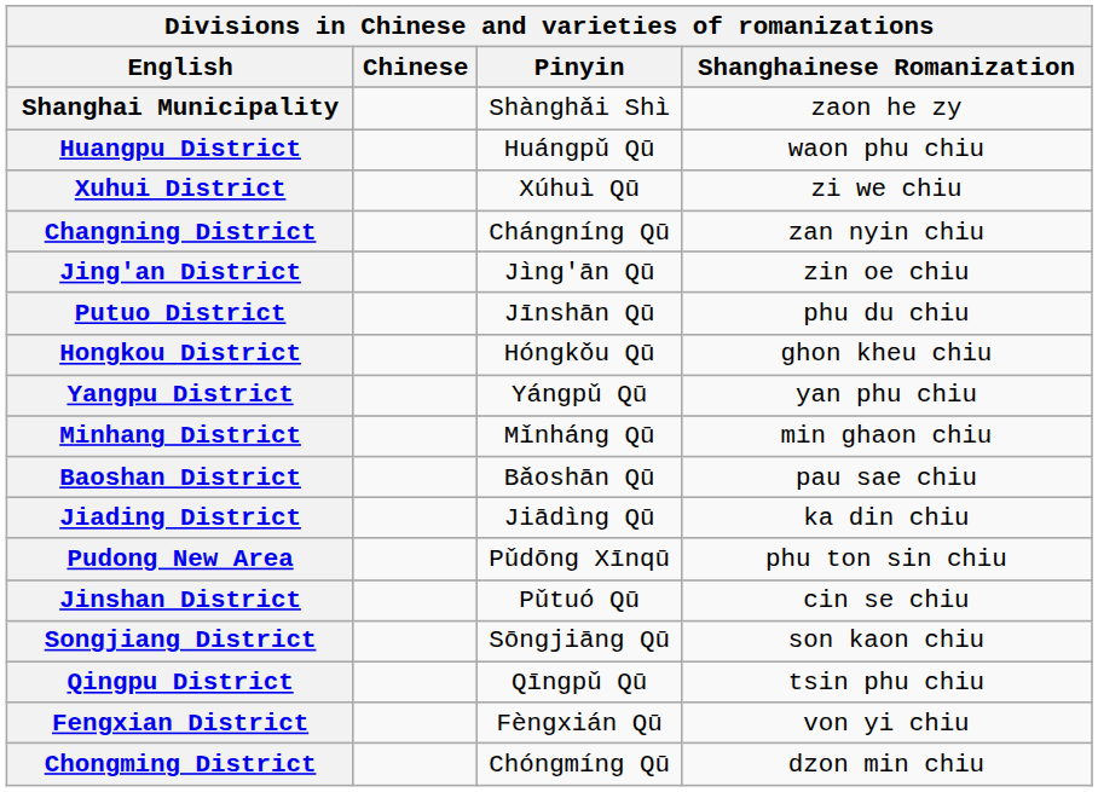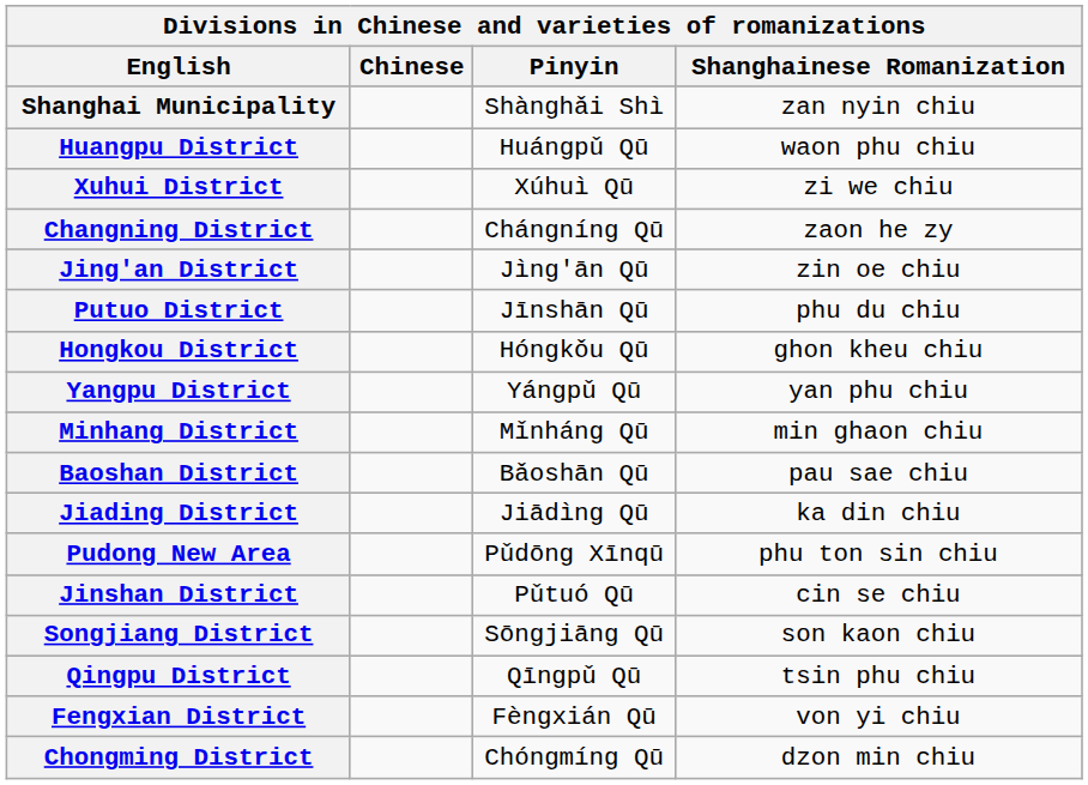 <table class="wikitable collapsible collapsed" style="margin:1em auto 1em auto; width:90%; text-align:center">
 <tr>
 <th colspan="5">Divisions in Chinese and varieties of romanizations</th>
 </tr>
 <tr>
 <th>English</th>
 <th>Chinese</th>
 <th>Pinyin</th>
 <th>Shanghainese Romanization</th>
 </tr>
 <tr>
 <th>Shanghai Municipality</th>
 <td></td>
 <td>Shànghǎi Shì</td>
-<td>zaon he zy</td>
+<td>zan nyin chiu</td>
 </tr>
 <tr>
 <th><a href='#'>Huangpu District</a></th>
 <td></td>
 <td>Huángpǔ Qū</td>
 <td>waon phu chiu</td>
 </tr>
 <tr>
 <th><a href='#'>Xuhui District</a></th>
 <td></td>
 <td>Xúhuì Qū</td>
 <td>zi we chiu</td>
 </tr>
 <tr>
 <th><a href='#'>Changning District</a></th>
 <td></td>
 <td>Chángníng Qū</td>
-<td>zan nyin chiu</td>
+<td>zaon he zy</td>
 </tr>
 <tr>
 <th><a href='#'>Jing'an District</a></th>
 <td></td>
 <td>Jìng'ān Qū</td>
 <td>zin oe chiu</td>
 </tr>
 <tr>
 <th><a href='#'>Putuo District</a></th>
 <td></td>
 <td>Jīnshān Qū</td>
 <td>phu du chiu</td>
 </tr>
 <tr>
 <th><a href='#'>Hongkou District</a></th>
 <td></td>
 <td>Hóngkǒu Qū</td>
 <td>ghon kheu chiu</td>
 </tr>
 <tr>
 <th><a href='#'>Yangpu District</a></th>
 <td></td>
 <td>Yángpǔ Qū</td>
 <td>yan phu chiu</td>
 </tr>
 <tr>
 <th><a href='#'>Minhang District</a></th>
 <td></td>
 <td>Mǐnháng Qū</td>
 <td>min ghaon chiu</td>
 </tr>
 <tr>
 <th><a href='#'>Baoshan District</a></th>
 <td></td>
 <td>Bǎoshān Qū</td>
 <td>pau sae chiu</td>
 </tr>
 <tr>
 <th><a href='#'>Jiading District</a></th>
 <td></td>
 <td>Jiādìng Qū</td>
 <td>ka din chiu</td>
 </tr>
 <tr>
 <th><a href='#'>Pudong New Area</a></th>
 <td></td>
 <td>Pǔdōng Xīnqū</td>
 <td>phu ton sin chiu</td>
 </tr>
 <tr>
 <th><a href='#'>Jinshan District</a></th>
 <td></td>
 <td>Pǔtuó Qū</td>
 <td>cin se chiu</td>
 </tr>
 <tr>
 <th><a href='#'>Songjiang District</a></th>
 <td></td>
 <td>Sōngjiāng Qū</td>
 <td>son kaon chiu</td>
 </tr>
 <tr>
 <th><a href='#'>Qingpu District</a></th>
 <td></td>
 <td>Qīngpǔ Qū</td>
 <td>tsin phu chiu</td>
 </tr>
 <tr>
 <th><a href='#'>Fengxian District</a></th>
 <td></td>
 <td>Fèngxián Qū</td>
 <td>von yi chiu</td>
 </tr>
 <tr>
 <th><a href='#'>Chongming District</a></th>
 <td></td>
 <td>Chóngmíng Qū</td>
 <td>dzon min chiu</td>
 </tr>
 </table>
